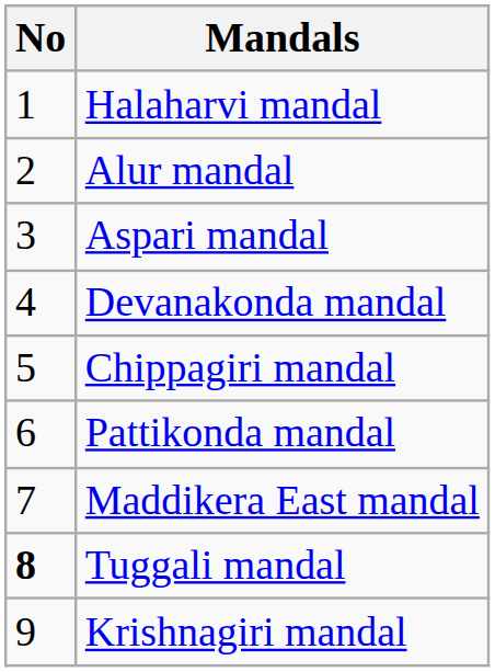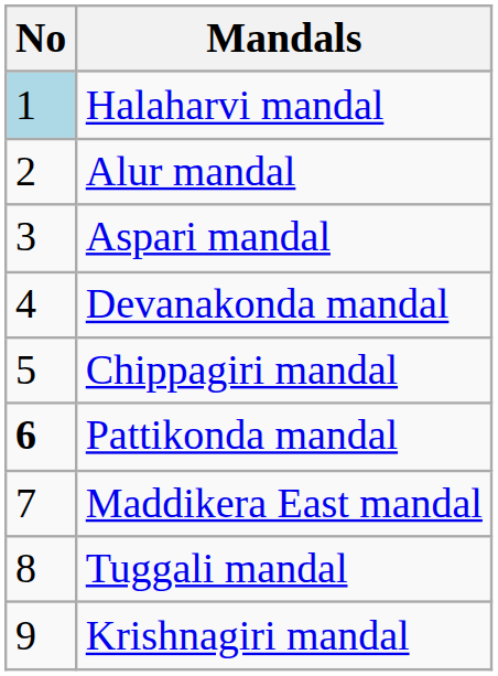 <table class="wikitable">
 <tr>
 <th>No</th>
 <th>Mandals</th>
 </tr>
 <tr>
-<td>1</td>
+<td style="background: lightblue;">1</td>
 <td><a href='#'>Halaharvi mandal</a></td>
 </tr>
 <tr>
 <td>2</td>
 <td><a href='#'>Alur mandal</a></td>
 </tr>
 <tr>
 <td>3</td>
 <td><a href='#'>Aspari mandal</a></td>
 </tr>
 <tr>
 <td>4</td>
 <td><a href='#'>Devanakonda mandal</a></td>
 </tr>
 <tr>
 <td>5</td>
 <td><a href='#'>Chippagiri mandal</a></td>
 </tr>
 <tr>
-<td>6</td>
+<td><strong>6</strong></td>
 <td><a href='#'>Pattikonda mandal</a></td>
 </tr>
 <tr>
 <td>7</td>
 <td><a href='#'>Maddikera East mandal</a></td>
 </tr>
 <tr>
-<td><strong>8</strong></td>
+<td>8</td>
 <td><a href='#'>Tuggali mandal</a></td>
 </tr>
 <tr>
 <td>9</td>
 <td><a href='#'>Krishnagiri mandal</a></td>
 </tr>
 </table>
